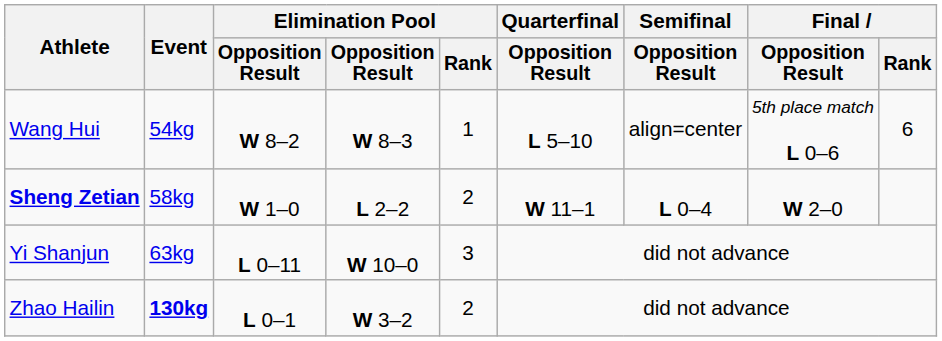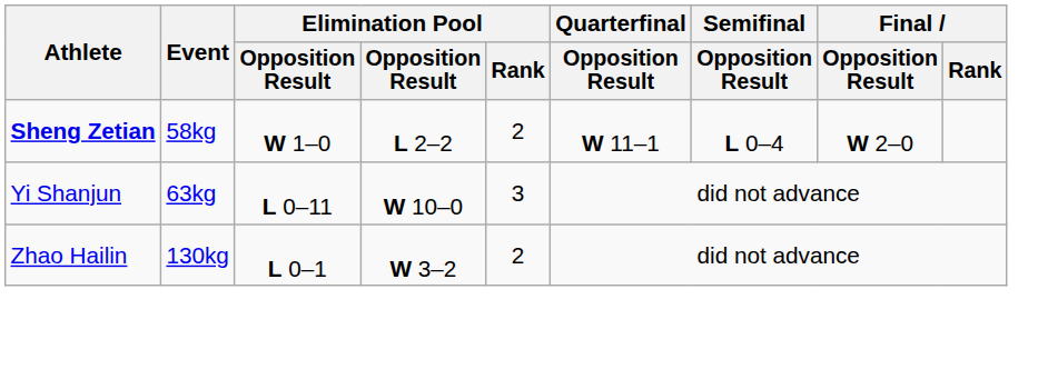 <table class="wikitable" style="font-size:90%">
 <tr>
 <th rowspan="2">Athlete</th>
 <th rowspan="2">Event</th>
 <th colspan=3>Elimination Pool</th>
 <th>Quarterfinal</th>
 <th>Semifinal</th>
 <th colspan=2>Final / </th>
 </tr>
 <tr style="font-size: 95%">
 <th>Opposition<br>Result</th>
 <th>Opposition<br>Result</th>
 <th>Rank</th>
 <th>Opposition<br>Result</th>
 <th>Opposition<br>Result</th>
 <th>Opposition<br>Result</th>
 <th>Rank</th>
-</tr>
-<tr>
-<td align=left><a href='#'>Wang Hui</a></td>
-<td align=left><a href='#'>54kg</a></td>
-<td align=center><br><strong>W</strong> 8–2</td>
-<td align=center><br><strong>W</strong> 8–3</td>
-<td align=center>1</td>
-<td align=center><br><strong>L</strong> 5–10</td>
-<td>align=center </td>
-<td align=center><small><em>5th place match</em></small><br><br><strong>L</strong> 0–6</td>
-<td align=center>6</td>
 </tr>
 <tr>
 <td align=left><strong><a href='#'>Sheng Zetian</a></strong></td>
 <td align=left><a href='#'>58kg</a></td>
 <td align=center><br><strong>W</strong> 1–0</td>
 <td align=center><br><strong>L</strong> 2–2</td>
 <td align=center>2</td>
 <td align=center><br><strong>W</strong> 11–1</td>
 <td align=center><br><strong>L</strong> 0–4</td>
 <td align=center><br><strong>W</strong> 2–0</td>
 <td align=center></td>
 </tr>
 <tr>
 <td align=left><a href='#'>Yi Shanjun</a></td>
 <td align=left><a href='#'>63kg</a></td>
 <td align=center><br><strong>L</strong> 0–11</td>
 <td align=center><br><strong>W</strong> 10–0</td>
 <td align=center>3</td>
 <td align=center colspan=4>did not advance</td>
 </tr>
 <tr>
 <td align=left><a href='#'>Zhao Hailin</a></td>
-<td align=left><strong><a href='#'>130kg</a></strong></td>
+<td align=left><a href='#'>130kg</a></td>
 <td align=center><br><strong>L</strong> 0–1</td>
 <td align=center><br><strong>W</strong> 3–2</td>
 <td align=center>2</td>
 <td align=center colspan=4>did not advance</td>
 </tr>
 </table>
